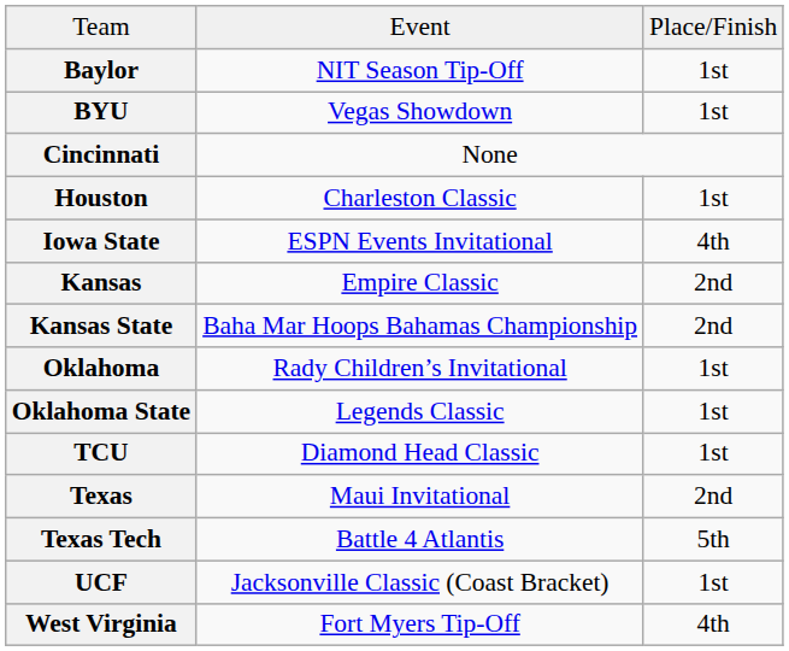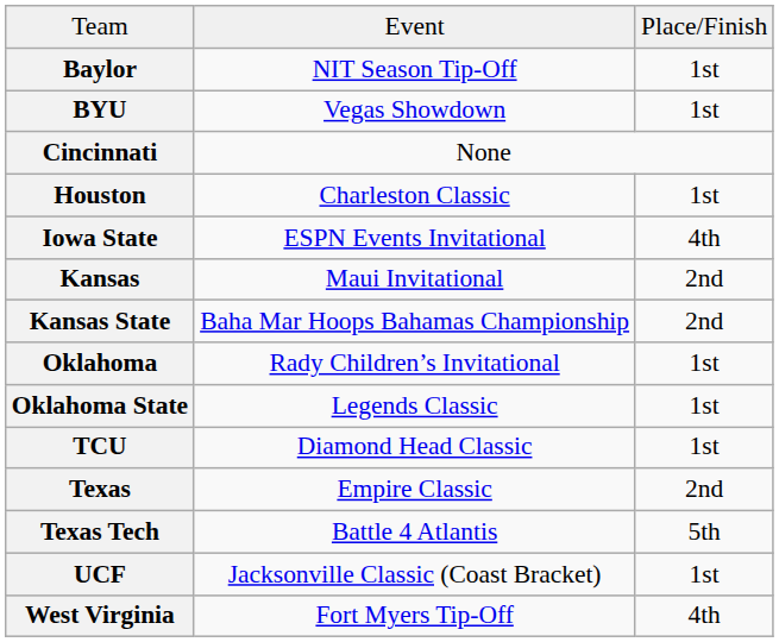 <table class="wikitable" style="white-space:nowrap; font-size:90%;">
 <tr>
 <td align="center" style="background:#f0f0f0;">Team</td>
 <td align="center" style="background:#f0f0f0;">Event</td>
 <td align="center" style="background:#f0f0f0;">Place/Finish</td>
 </tr>
 <tr style="text-align:center;">
 <th>Baylor</th>
 <td><a href='#'>NIT Season Tip-Off</a></td>
 <td>1st</td>
 </tr>
 <tr style="text-align:center;">
 <th>BYU</th>
 <td><a href='#'>Vegas Showdown</a></td>
 <td>1st</td>
 </tr>
 <tr style="text-align:center;">
 <th>Cincinnati</th>
 <td colspan="2">None</td>
 </tr>
 <tr style="text-align:center;">
 <th>Houston</th>
 <td><a href='#'>Charleston Classic</a></td>
 <td>1st</td>
 </tr>
 <tr style="text-align:center;">
 <th>Iowa State</th>
 <td><a href='#'>ESPN Events Invitational</a></td>
 <td>4th</td>
 </tr>
 <tr style="text-align:center;">
 <th>Kansas</th>
-<td><a href='#'>Empire Classic</a></td>
+<td><a href='#'>Maui Invitational</a></td>
 <td>2nd</td>
 </tr>
 <tr style="text-align:center;">
 <th>Kansas State</th>
 <td><a href='#'>Baha Mar Hoops Bahamas Championship</a></td>
 <td>2nd</td>
 </tr>
 <tr style="text-align:center;">
 <th>Oklahoma</th>
 <td><a href='#'>Rady Children’s Invitational</a></td>
 <td>1st</td>
 </tr>
 <tr style="text-align:center;">
 <th>Oklahoma State</th>
 <td><a href='#'>Legends Classic</a></td>
 <td>1st</td>
 </tr>
 <tr style="text-align:center;">
 <th>TCU</th>
 <td><a href='#'>Diamond Head Classic</a></td>
 <td>1st</td>
 </tr>
 <tr style="text-align:center;">
 <th>Texas</th>
-<td><a href='#'>Maui Invitational</a></td>
+<td><a href='#'>Empire Classic</a></td>
 <td>2nd</td>
 </tr>
 <tr style="text-align:center;">
 <th>Texas Tech</th>
 <td><a href='#'>Battle 4 Atlantis</a></td>
 <td>5th</td>
 </tr>
 <tr style="text-align:center;">
 <th>UCF</th>
 <td><a href='#'>Jacksonville Classic</a> (Coast Bracket)</td>
 <td>1st</td>
 </tr>
 <tr style="text-align:center;">
 <th>West Virginia</th>
 <td><a href='#'>Fort Myers Tip-Off</a></td>
 <td>4th</td>
 </tr>
 </table>
